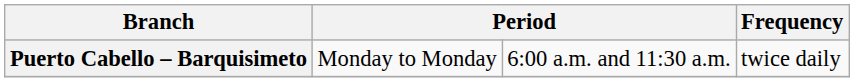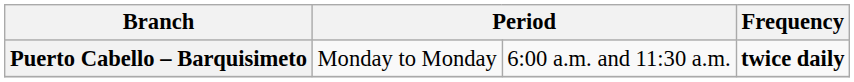 <table class="wikitable">
 <tr>
 <th>Branch</th>
 <th colspan=2>Period</th>
 <th>Frequency</th>
 </tr>
 <tr>
 <th>Puerto Cabello – Barquisimeto</th>
 <td>Monday to Monday</td>
 <td>6:00 a.m. and 11:30 a.m.</td>
-<td>twice daily</td>
+<td><strong>twice daily</strong></td>
 </tr>
 <tr>
 </tr>
 </table>
